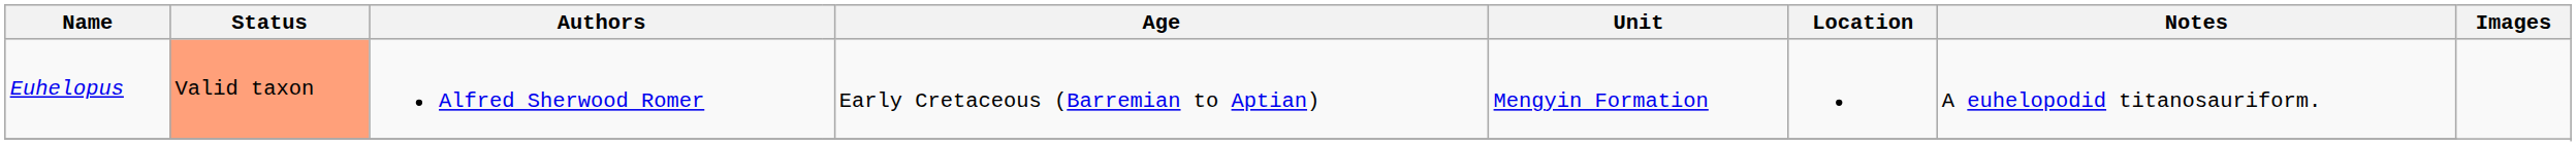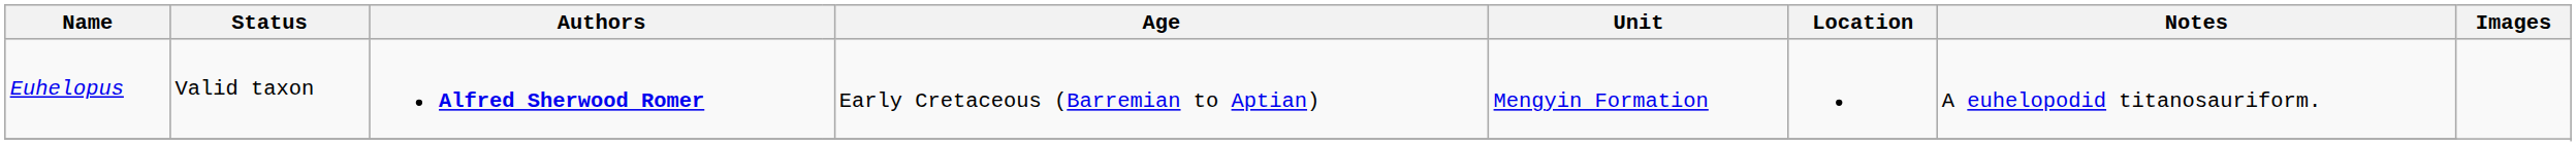 <table class="wikitable sortable" align="center" width="100%">
 <tr>
 <th>Name</th>
 <th>Status</th>
 <th colspan="2">Authors</th>
 <th>Age</th>
 <th>Unit</th>
 <th>Location</th>
 <th class="unsortable">Notes</th>
 <th class="unsortable">Images</th>
 </tr>
 <tr>
 <td><em><a href='#'>Euhelopus</a></em></td>
-<td style="background: lightsalmon;">Valid taxon</td>
-<td style="border-right:0px" valign="middle"><br><ul><li><a href='#'>Alfred Sherwood Romer</a></li></ul></td>
+<td>Valid taxon</td>
+<td style="border-right:0px" valign="middle"><strong><br><ul><li><a href='#'>Alfred Sherwood Romer</a></li></ul></strong></td>
 <td style="border-left:0px" valign="middle"></td>
 <td><br>Early Cretaceous (<a href='#'>Barremian</a> to <a href='#'>Aptian</a>)</td>
 <td><br><a href='#'>Mengyin Formation</a></td>
 <td><br><ul><li></li></ul></td>
 <td><br>A <a href='#'>euhelopodid</a> titanosauriform.</td>
 <td rowspan="99"></td>
 </tr>
 <tr>
 </tr>
 </table>
